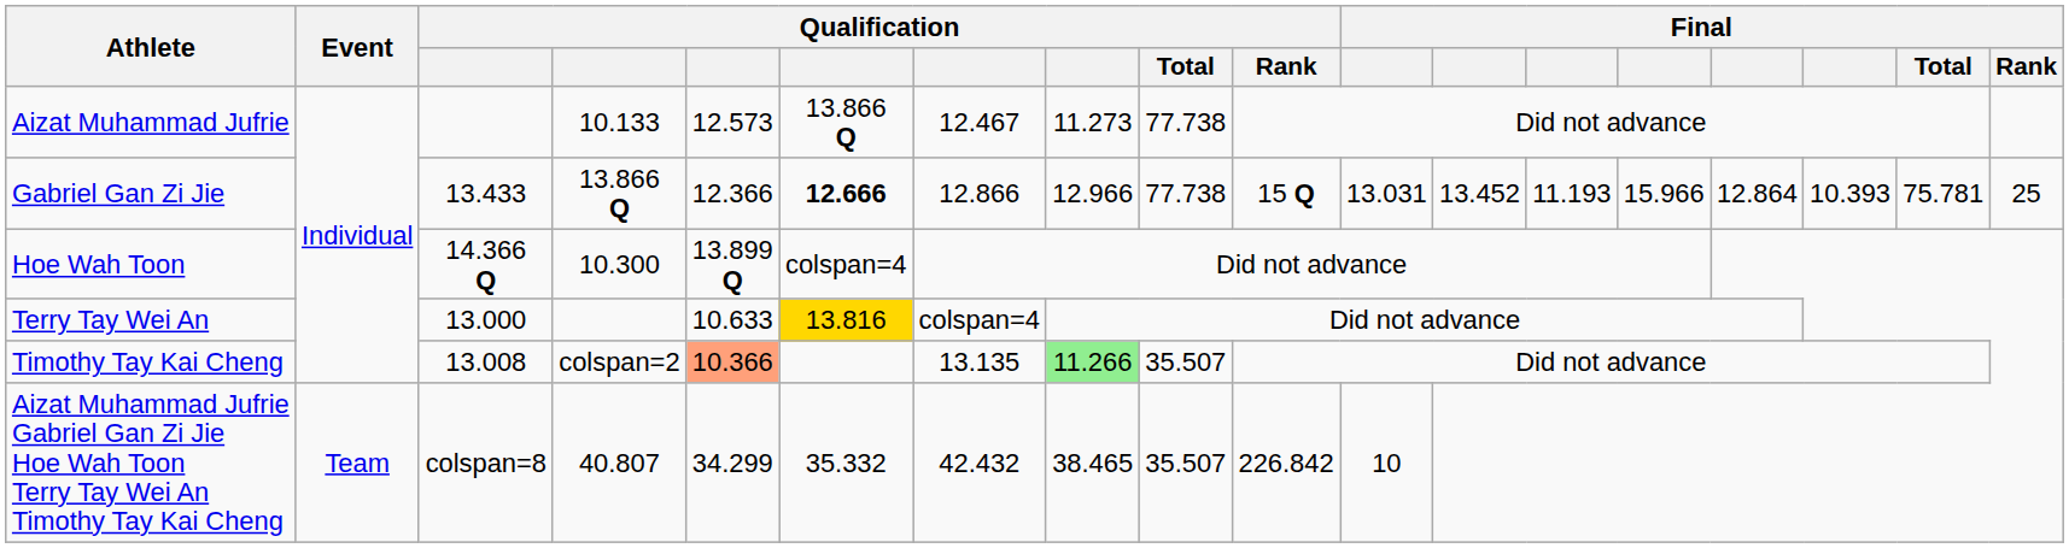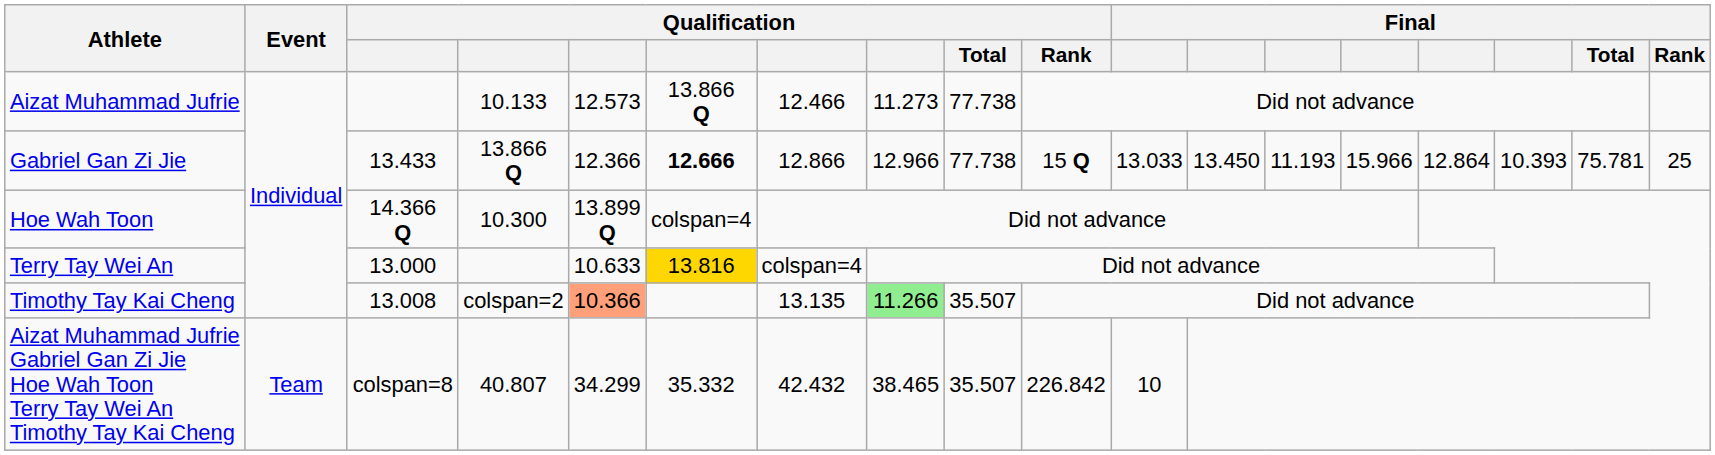 <table class="wikitable" style="font-size:90%">
 <tr>
 <th rowspan=2>Athlete</th>
 <th rowspan=2>Event</th>
 <th colspan =8>Qualification</th>
 <th colspan =8>Final</th>
 </tr>
 <tr style="font-size:95%">
 <th></th>
 <th></th>
 <th></th>
 <th></th>
 <th></th>
 <th></th>
 <th>Total</th>
 <th>Rank</th>
 <th></th>
 <th></th>
 <th></th>
 <th></th>
 <th></th>
 <th></th>
 <th>Total</th>
 <th>Rank</th>
 </tr>
 <tr align=center>
 <td align=left><a href='#'>Aizat Muhammad Jufrie</a></td>
 <td align=left rowspan=5><a href='#'>Individual</a></td>
 <td></td>
 <td>10.133</td>
 <td>12.573</td>
 <td>13.866<br><strong>Q</strong></td>
-<td>12.467</td>
+<td>12.466</td>
 <td>11.273</td>
 <td>77.738</td>
 <td colspan=8>Did not advance</td>
 </tr>
 <tr align=center>
 <td align=left><a href='#'>Gabriel Gan Zi Jie</a></td>
 <td>13.433</td>
 <td>13.866<br><strong>Q</strong></td>
 <td>12.366</td>
 <td><strong>12.666</strong></td>
 <td>12.866</td>
 <td>12.966</td>
 <td>77.738</td>
 <td>15 <strong>Q</strong></td>
-<td>13.031</td>
-<td>13.452</td>
+<td>13.033</td>
+<td>13.450</td>
 <td>11.193</td>
 <td>15.966</td>
 <td>12.864</td>
 <td>10.393</td>
 <td>75.781</td>
 <td>25</td>
 </tr>
 <tr align=center>
 <td align=left><a href='#'>Hoe Wah Toon</a></td>
 <td>14.366<br><strong>Q</strong></td>
 <td>10.300</td>
 <td>13.899<br><strong>Q</strong></td>
 <td>colspan=4 </td>
 <td colspan=8>Did not advance</td>
 </tr>
 <tr align=center>
 <td align=left><a href='#'>Terry Tay Wei An</a></td>
 <td>13.000</td>
 <td></td>
 <td>10.633</td>
 <td style="background: gold;">13.816</td>
 <td>colspan=4 </td>
 <td colspan=8>Did not advance</td>
 </tr>
 <tr align=center>
 <td align=left><a href='#'>Timothy Tay Kai Cheng</a></td>
 <td>13.008</td>
 <td>colspan=2 </td>
 <td style="background: lightsalmon;">10.366</td>
 <td></td>
 <td>13.135</td>
 <td style="background: lightgreen;">11.266</td>
 <td>35.507</td>
 <td colspan=8>Did not advance</td>
 </tr>
 <tr align=center>
 <td align=left><a href='#'>Aizat Muhammad Jufrie</a><br><a href='#'>Gabriel Gan Zi Jie</a><br><a href='#'>Hoe Wah Toon</a><br><a href='#'>Terry Tay Wei An</a><br><a href='#'>Timothy Tay Kai Cheng</a></td>
 <td><a href='#'>Team</a></td>
 <td>colspan=8 </td>
 <td>40.807</td>
 <td>34.299</td>
 <td>35.332</td>
 <td>42.432</td>
 <td>38.465</td>
 <td>35.507</td>
 <td>226.842</td>
 <td>10</td>
 </tr>
 </table>
